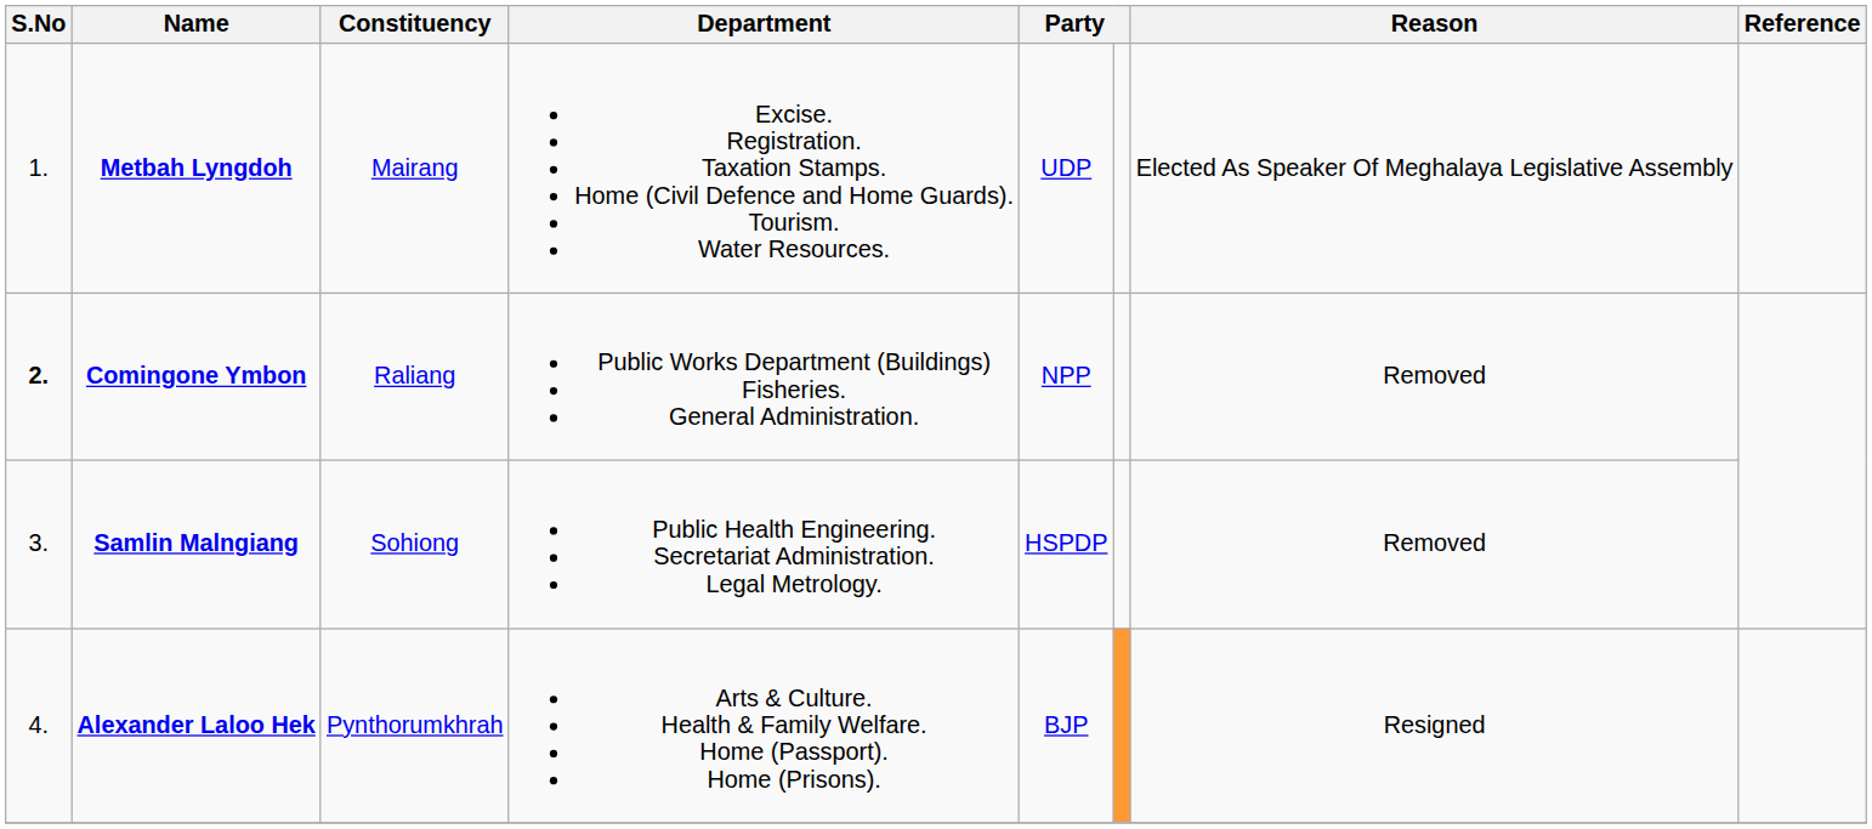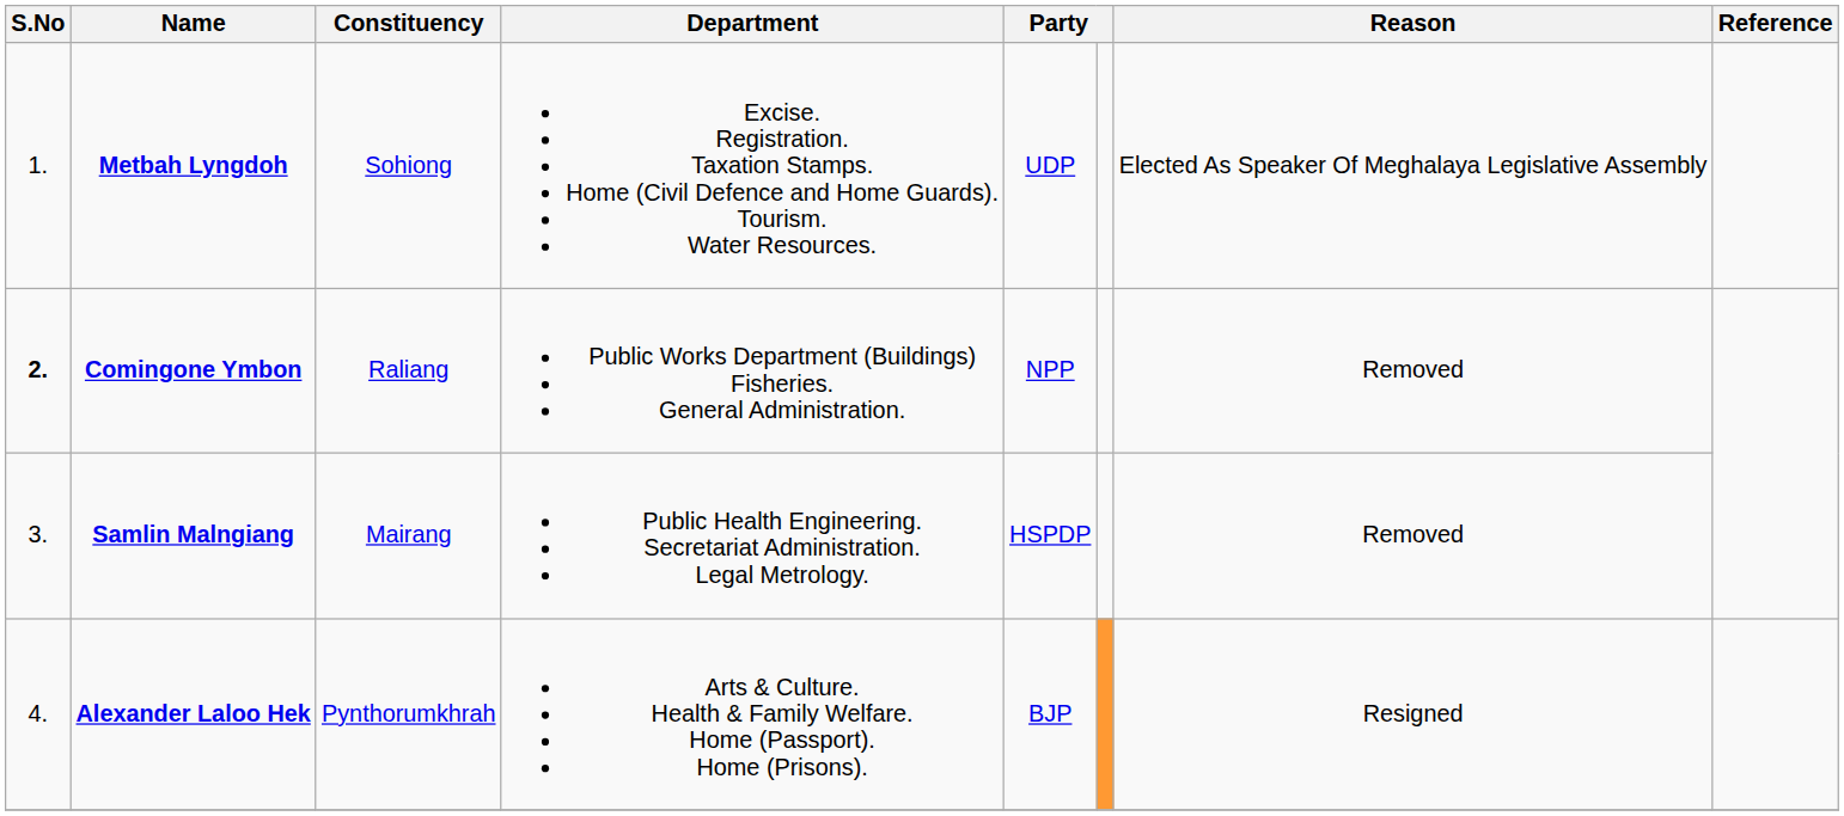 <table class="wikitable sortable" style="text-align:center;">
 <tr>
 <th>S.No</th>
 <th>Name</th>
 <th>Constituency</th>
 <th>Department</th>
 <th colspan="2" scope="col">Party</th>
 <th>Reason</th>
 <th>Reference</th>
 </tr>
 <tr>
 <td>1.</td>
 <td><strong><a href='#'>Metbah Lyngdoh</a></strong></td>
-<td><a href='#'>Mairang</a></td>
+<td><a href='#'>Sohiong</a></td>
 <td><br><ul><li>Excise.</li><li>Registration.</li><li>Taxation Stamps.</li><li>Home (Civil Defence and Home Guards).</li><li>Tourism.</li><li>Water Resources.</li></ul></td>
 <td><a href='#'>UDP</a></td>
 <td width="4px"></td>
 <td>Elected As Speaker Of Meghalaya Legislative Assembly</td>
 <td></td>
 </tr>
 <tr>
 <td><strong>2.</strong></td>
 <td><strong><a href='#'>Comingone Ymbon</a></strong></td>
 <td><a href='#'>Raliang</a></td>
 <td><br><ul><li>Public Works Department (Buildings)</li><li>Fisheries.</li><li>General Administration.</li></ul></td>
 <td><a href='#'>NPP</a></td>
 <td width="4px"></td>
 <td>Removed</td>
 <td rowspan=2></td>
 </tr>
 <tr>
 <td>3.</td>
 <td><strong><a href='#'>Samlin Malngiang</a></strong></td>
-<td><a href='#'>Sohiong</a></td>
+<td><a href='#'>Mairang</a></td>
 <td><br><ul><li>Public Health Engineering.</li><li>Secretariat Administration.</li><li>Legal Metrology.</li></ul></td>
 <td><a href='#'>HSPDP</a></td>
 <td width="4px"></td>
 <td>Removed</td>
 </tr>
 <tr>
 <td>4.</td>
 <td><strong><a href='#'>Alexander Laloo Hek</a></strong></td>
 <td><a href='#'>Pynthorumkhrah</a></td>
 <td><br><ul><li>Arts & Culture.</li><li>Health & Family Welfare.</li><li>Home (Passport).</li><li>Home (Prisons).</li></ul></td>
 <td><a href='#'>BJP</a></td>
 <td bgcolor=#FF9933></td>
 <td>Resigned</td>
 <td></td>
 </tr>
 <tr>
 </tr>
 </table>
